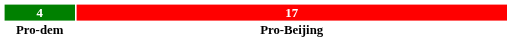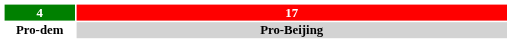 <table style="width:50%; text-align:center;">
 <tr style="color:white;">
 <td style="background:green; width:14%;"><strong>4</strong></td>
 <td style="background:red; width:86%;"><strong>17</strong></td>
 </tr>
 <tr>
 <td><span><strong>Pro-dem</strong></span></td>
-<td><span><strong>Pro-Beijing</strong></span></td>
+<td style="background: lightgrey;"><span><strong>Pro-Beijing</strong></span></td>
 </tr>
 </table>
